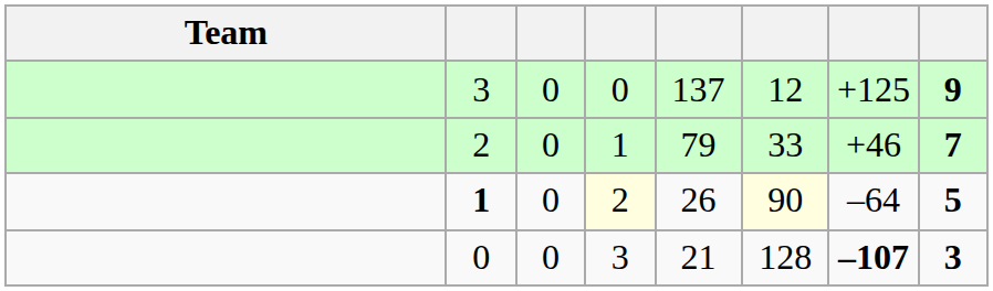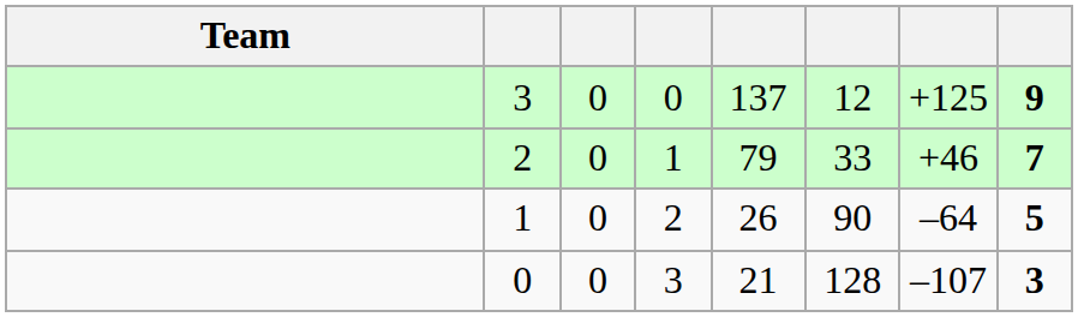 <table class="wikitable" style="text-align:center;">
 <tr>
 <th style="width:12em;">Team</th>
 <th style="width:1.5em;"></th>
 <th style="width:1.5em;"></th>
 <th style="width:1.5em;"></th>
 <th style="width:2.0em;"></th>
 <th style="width:2.0em;"></th>
 <th style="width:2.0em;"></th>
 <th style="width:1.5em;"></th>
 </tr>
 <tr bgcolor=#cfc>
 <td align="left"></td>
 <td>3</td>
 <td>0</td>
 <td>0</td>
 <td>137</td>
 <td>12</td>
 <td>+125</td>
 <td><strong>9</strong></td>
 </tr>
 <tr bgcolor=#cfc>
 <td align="left"></td>
 <td>2</td>
 <td>0</td>
 <td>1</td>
 <td>79</td>
 <td>33</td>
 <td>+46</td>
 <td><strong>7</strong></td>
 </tr>
 <tr>
 <td align="left"></td>
-<td><strong>1</strong></td>
+<td>1</td>
 <td>0</td>
-<td style="background: lightyellow;">2</td>
+<td>2</td>
 <td>26</td>
-<td style="background: lightyellow;">90</td>
+<td>90</td>
 <td>–64</td>
 <td><strong>5</strong></td>
 </tr>
 <tr>
 <td align="left"></td>
 <td>0</td>
 <td>0</td>
 <td>3</td>
 <td>21</td>
 <td>128</td>
-<td><strong>–107</strong></td>
+<td>–107</td>
 <td><strong>3</strong></td>
 </tr>
 </table>
